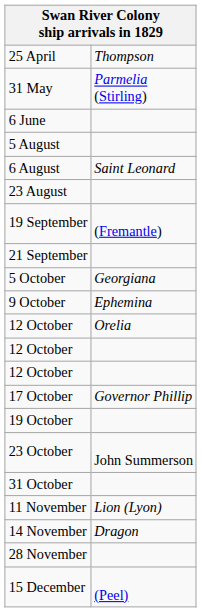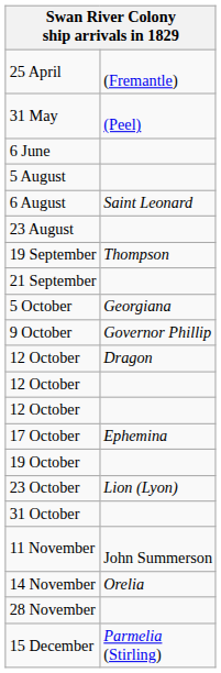 <table class=wikitable align=right style="font-size: 85%; margin-left: 10pt;">
 <tr>
 <th bgcolor="#efefef" colspan=2>Swan River Colony<br>ship arrivals in 1829</th>
 </tr>
 <tr>
 <td>25 April</td>
-<td><em>Thompson</em></td>
+<td><br>(<a href='#'>Fremantle</a>)</td>
 </tr>
 <tr>
 <td>31 May</td>
-<td><em><a href='#'>Parmelia</a></em><br>(<a href='#'>Stirling</a>)</td>
+<td><br><a href='#'>(Peel)</a></td>
 </tr>
 <tr>
 <td>6 June</td>
 <td></td>
 </tr>
 <tr>
 <td>5 August</td>
 <td></td>
 </tr>
 <tr>
 <td>6 August</td>
 <td><em>Saint Leonard</em></td>
 </tr>
 <tr>
 <td>23 August</td>
 <td></td>
 </tr>
 <tr>
 <td>19 September</td>
-<td><br>(<a href='#'>Fremantle</a>)</td>
+<td><em>Thompson</em></td>
 </tr>
 <tr>
 <td>21 September</td>
 <td></td>
 </tr>
 <tr>
 <td>5 October</td>
 <td><em>Georgiana</em></td>
 </tr>
 <tr>
 <td>9 October</td>
-<td><em>Ephemina</em></td>
+<td><em>Governor Phillip</em></td>
 </tr>
 <tr>
 <td>12 October</td>
-<td><em>Orelia</em></td>
+<td><em>Dragon</em></td>
 </tr>
 <tr>
 <td>12 October</td>
 <td></td>
 </tr>
 <tr>
 <td>12 October</td>
 <td></td>
 </tr>
 <tr>
 <td>17 October</td>
-<td><em>Governor Phillip</em></td>
+<td><em>Ephemina</em></td>
 </tr>
 <tr>
 <td>19 October</td>
 <td></td>
 </tr>
 <tr>
 <td>23 October</td>
-<td><br>John Summerson</td>
+<td><em>Lion (Lyon)</em></td>
 </tr>
 <tr>
 <td>31 October</td>
 <td></td>
 </tr>
 <tr>
 <td>11 November</td>
-<td><em>Lion (Lyon)</em></td>
+<td><br>John Summerson</td>
 </tr>
 <tr>
 <td>14 November</td>
-<td><em>Dragon</em></td>
+<td><em>Orelia</em></td>
 </tr>
 <tr>
 <td>28 November</td>
 <td></td>
 </tr>
 <tr>
 <td>15 December</td>
-<td><br><a href='#'>(Peel)</a></td>
+<td><em><a href='#'>Parmelia</a></em><br>(<a href='#'>Stirling</a>)</td>
 </tr>
 </table>
